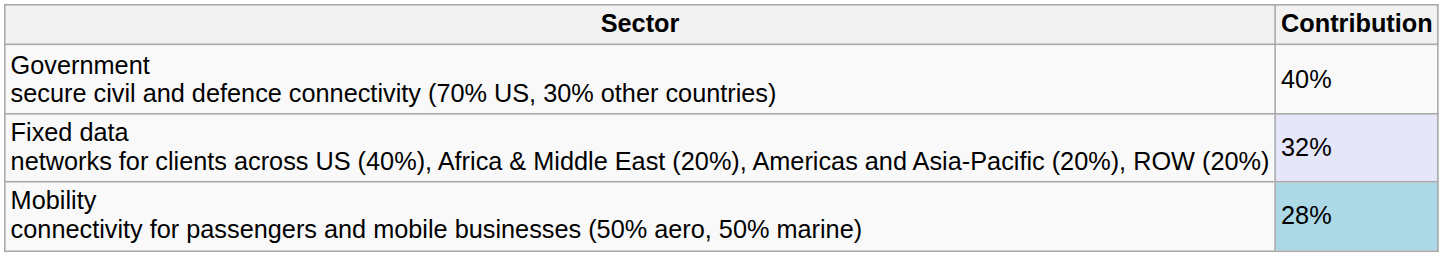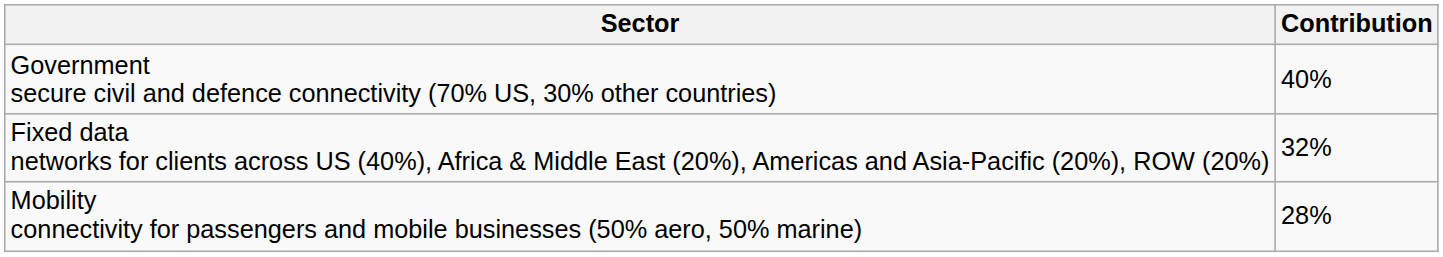 <table class="wikitable">
 <tr>
 <th>Sector</th>
 <th>Contribution</th>
 </tr>
 <tr>
 <td>Government<br>secure civil and defence connectivity (70% US, 30% other countries)</td>
 <td>40%</td>
 </tr>
 <tr>
 <td>Fixed data<br>networks for clients across US (40%), Africa & Middle East (20%), Americas and Asia-Pacific (20%), ROW (20%)</td>
-<td style="background: lavender;">32%</td>
+<td>32%</td>
 </tr>
 <tr>
 <td>Mobility<br>connectivity for passengers and mobile businesses (50% aero, 50% marine)</td>
-<td style="background: lightblue;">28%</td>
+<td>28%</td>
 </tr>
 </table>
